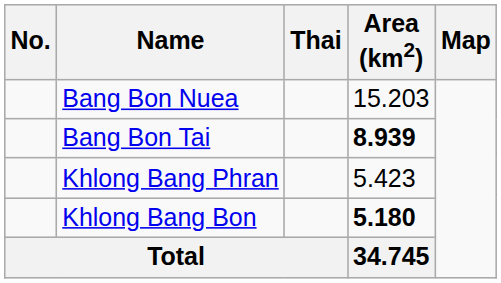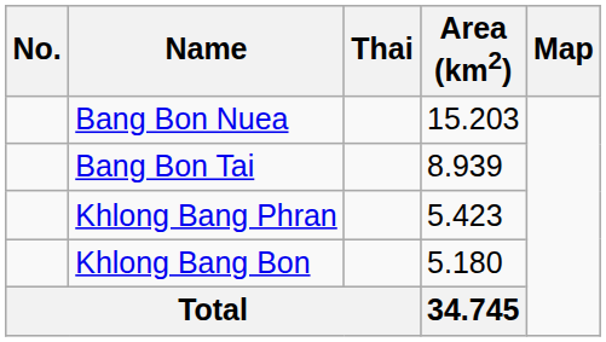 <table class="wikitable sortable">
 <tr>
 <th>No.</th>
 <th>Name</th>
 <th>Thai</th>
 <th>Area<br>(km<sup>2</sup>)</th>
 <th>Map</th>
 </tr>
 <tr>
 <td></td>
 <td><a href='#'>Bang Bon Nuea</a></td>
 <td></td>
 <td><div>15.203</div></td>
 <td rowspan=5></td>
 </tr>
 <tr>
 <td></td>
 <td><a href='#'>Bang Bon Tai</a></td>
 <td></td>
-<td><strong><div>8.939</div></strong></td>
+<td><div>8.939</div></td>
 </tr>
 <tr>
 <td></td>
 <td><a href='#'>Khlong Bang Phran</a></td>
 <td></td>
 <td><div>5.423</div></td>
 </tr>
 <tr>
 <td></td>
 <td><a href='#'>Khlong Bang Bon</a></td>
 <td></td>
-<td><strong><div>5.180</div></strong></td>
+<td><div>5.180</div></td>
 </tr>
 <tr>
 <th colspan=3>Total</th>
 <th><div>34.745</div></th>
 </tr>
 </table>
